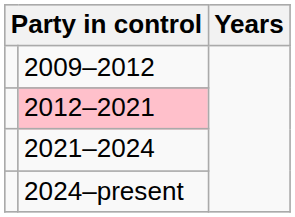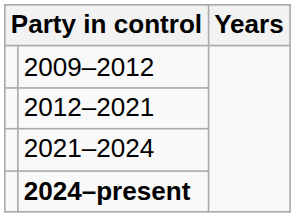 <table class="wikitable">
 <tr>
 <th colspan="2">Party in control</th>
 <th>Years</th>
 </tr>
 <tr>
 <td></td>
 <td>2009–2012</td>
 </tr>
 <tr>
 <td></td>
-<td style="background: pink;">2012–2021</td>
+<td>2012–2021</td>
 </tr>
 <tr>
 <td></td>
 <td>2021–2024</td>
 </tr>
 <tr>
 <td></td>
-<td>2024–present</td>
+<td><strong>2024–present</strong></td>
 </tr>
 </table>
